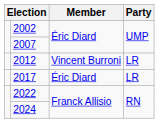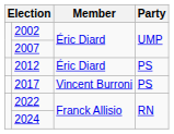 <table class="wikitable">
 <tr>
 <th colspan="2">Election</th>
 <th>Member</th>
 <th>Party</th>
 </tr>
 <tr>
 <td rowspan=2 style="color:inherit;background-color: "></td>
 <td><a href='#'>2002</a></td>
 <td rowspan=2><a href='#'>Éric Diard</a></td>
 <td rowspan=2><a href='#'>UMP</a></td>
 </tr>
 <tr>
 <td><a href='#'>2007</a></td>
 </tr>
 <tr>
 <td style="color:inherit;background-color: "></td>
 <td><a href='#'>2012</a></td>
-<td><a href='#'>Vincent Burroni</a></td>
-<td><a href='#'>LR</a></td>
+<td><a href='#'>Éric Diard</a></td>
+<td><a href='#'>PS</a></td>
 </tr>
 <tr>
 <td style="color:inherit;background-color: "></td>
 <td><a href='#'>2017</a></td>
-<td><a href='#'>Éric Diard</a></td>
-<td><a href='#'>LR</a></td>
+<td><a href='#'>Vincent Burroni</a></td>
+<td><a href='#'>PS</a></td>
 </tr>
 <tr>
 <td rowspan=2 style="color:inherit;background-color: "></td>
 <td><a href='#'>2022</a></td>
 <td rowspan=2><a href='#'>Franck Allisio</a></td>
 <td rowspan=2><a href='#'>RN</a></td>
 </tr>
 <tr>
 <td><a href='#'>2024</a></td>
 </tr>
 </table>
